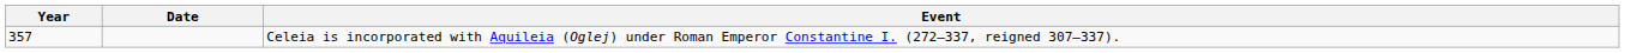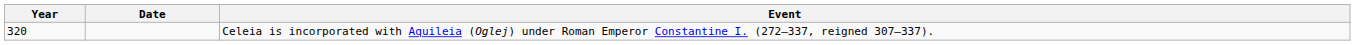 <table class="wikitable" width="100%">
 <tr>
 <th style="width:6%">Year</th>
 <th style="width:10%">Date</th>
 <th>Event</th>
 </tr>
 <tr>
-<td>357</td>
+<td>320</td>
 <td></td>
 <td>Celeia is incorporated with <a href='#'>Aquileia</a> (<em>Oglej</em>) under Roman Emperor <a href='#'>Constantine I.</a> (272–337, reigned 307–337).</td>
 </tr>
 </table>
